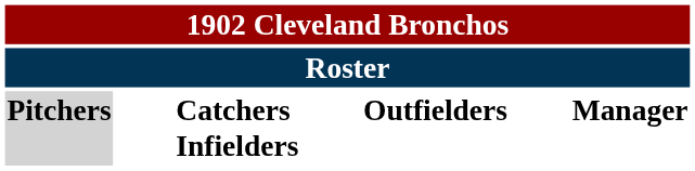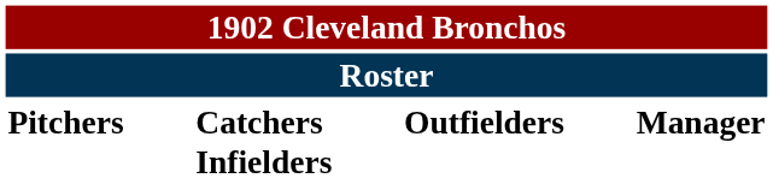 <table class="toccolours" style="font-size: 95%;">
 <tr>
 <th colspan="10" style="background-color: #990000; color: white; text-align: center;">1902 Cleveland Bronchos</th>
 </tr>
 <tr>
 <td colspan="10" style="background-color: #023456; color: white; text-align: center;"><strong>Roster</strong></td>
 </tr>
 <tr>
-<td valign="top" style="background: lightgrey;"><strong>Pitchers</strong><br>               </td>
+<td valign="top"><strong>Pitchers</strong><br>               </td>
 <td width="25px"></td>
 <td valign="top"><strong>Catchers</strong><br>   <strong>Infielders</strong>         </td>
 <td width="25px"></td>
 <td valign="top"><strong>Outfielders</strong><br>     </td>
 <td width="25px"></td>
 <td valign="top"><strong>Manager</strong><br></td>
 </tr>
 </table>
